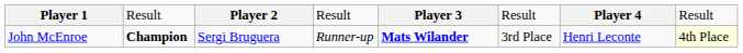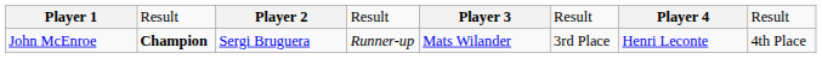 <table class="wikitable">
 <tr>
 <th width=175>Player 1</th>
 <td width=80>Result</td>
 <th width=175>Player 2</th>
 <td width=80>Result</td>
 <th width=175>Player 3</th>
 <td width=80>Result</td>
 <th width=175>Player 4</th>
 <td width=80>Result</td>
 </tr>
 <tr>
 <td> <a href='#'>John McEnroe</a></td>
 <td><strong>Champion</strong></td>
 <td> <a href='#'>Sergi Bruguera</a></td>
 <td><em>Runner-up</em></td>
-<td><strong> <a href='#'>Mats Wilander</a></strong></td>
+<td> <a href='#'>Mats Wilander</a></td>
 <td>3rd Place</td>
 <td> <a href='#'>Henri Leconte</a></td>
-<td style="background: lightyellow;">4th Place</td>
+<td>4th Place</td>
 </tr>
 </table>
